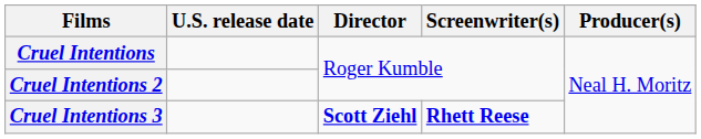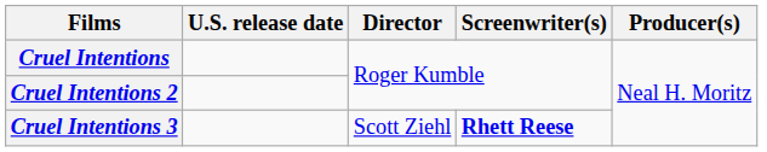 <table class="wikitable plainrowheaders defaultcenter col2left">
 <tr>
 <th>Films</th>
 <th>U.S. release date</th>
 <th>Director</th>
 <th>Screenwriter(s)</th>
 <th>Producer(s)</th>
 </tr>
 <tr>
 <th scope="row"><em><a href='#'>Cruel Intentions</a></em></th>
 <td></td>
 <td rowspan="2" colspan="2"><a href='#'>Roger Kumble</a></td>
 <td rowspan="3"><a href='#'>Neal H. Moritz</a></td>
 </tr>
 <tr>
 <th scope="row"><em><a href='#'>Cruel Intentions 2</a></em></th>
 <td></td>
 </tr>
 <tr>
 <th scope="row"><em><a href='#'>Cruel Intentions 3</a></em></th>
 <td></td>
-<td><strong><a href='#'>Scott Ziehl</a></strong></td>
+<td><a href='#'>Scott Ziehl</a></td>
 <td><strong><a href='#'>Rhett Reese</a></strong></td>
 </tr>
 </table>
